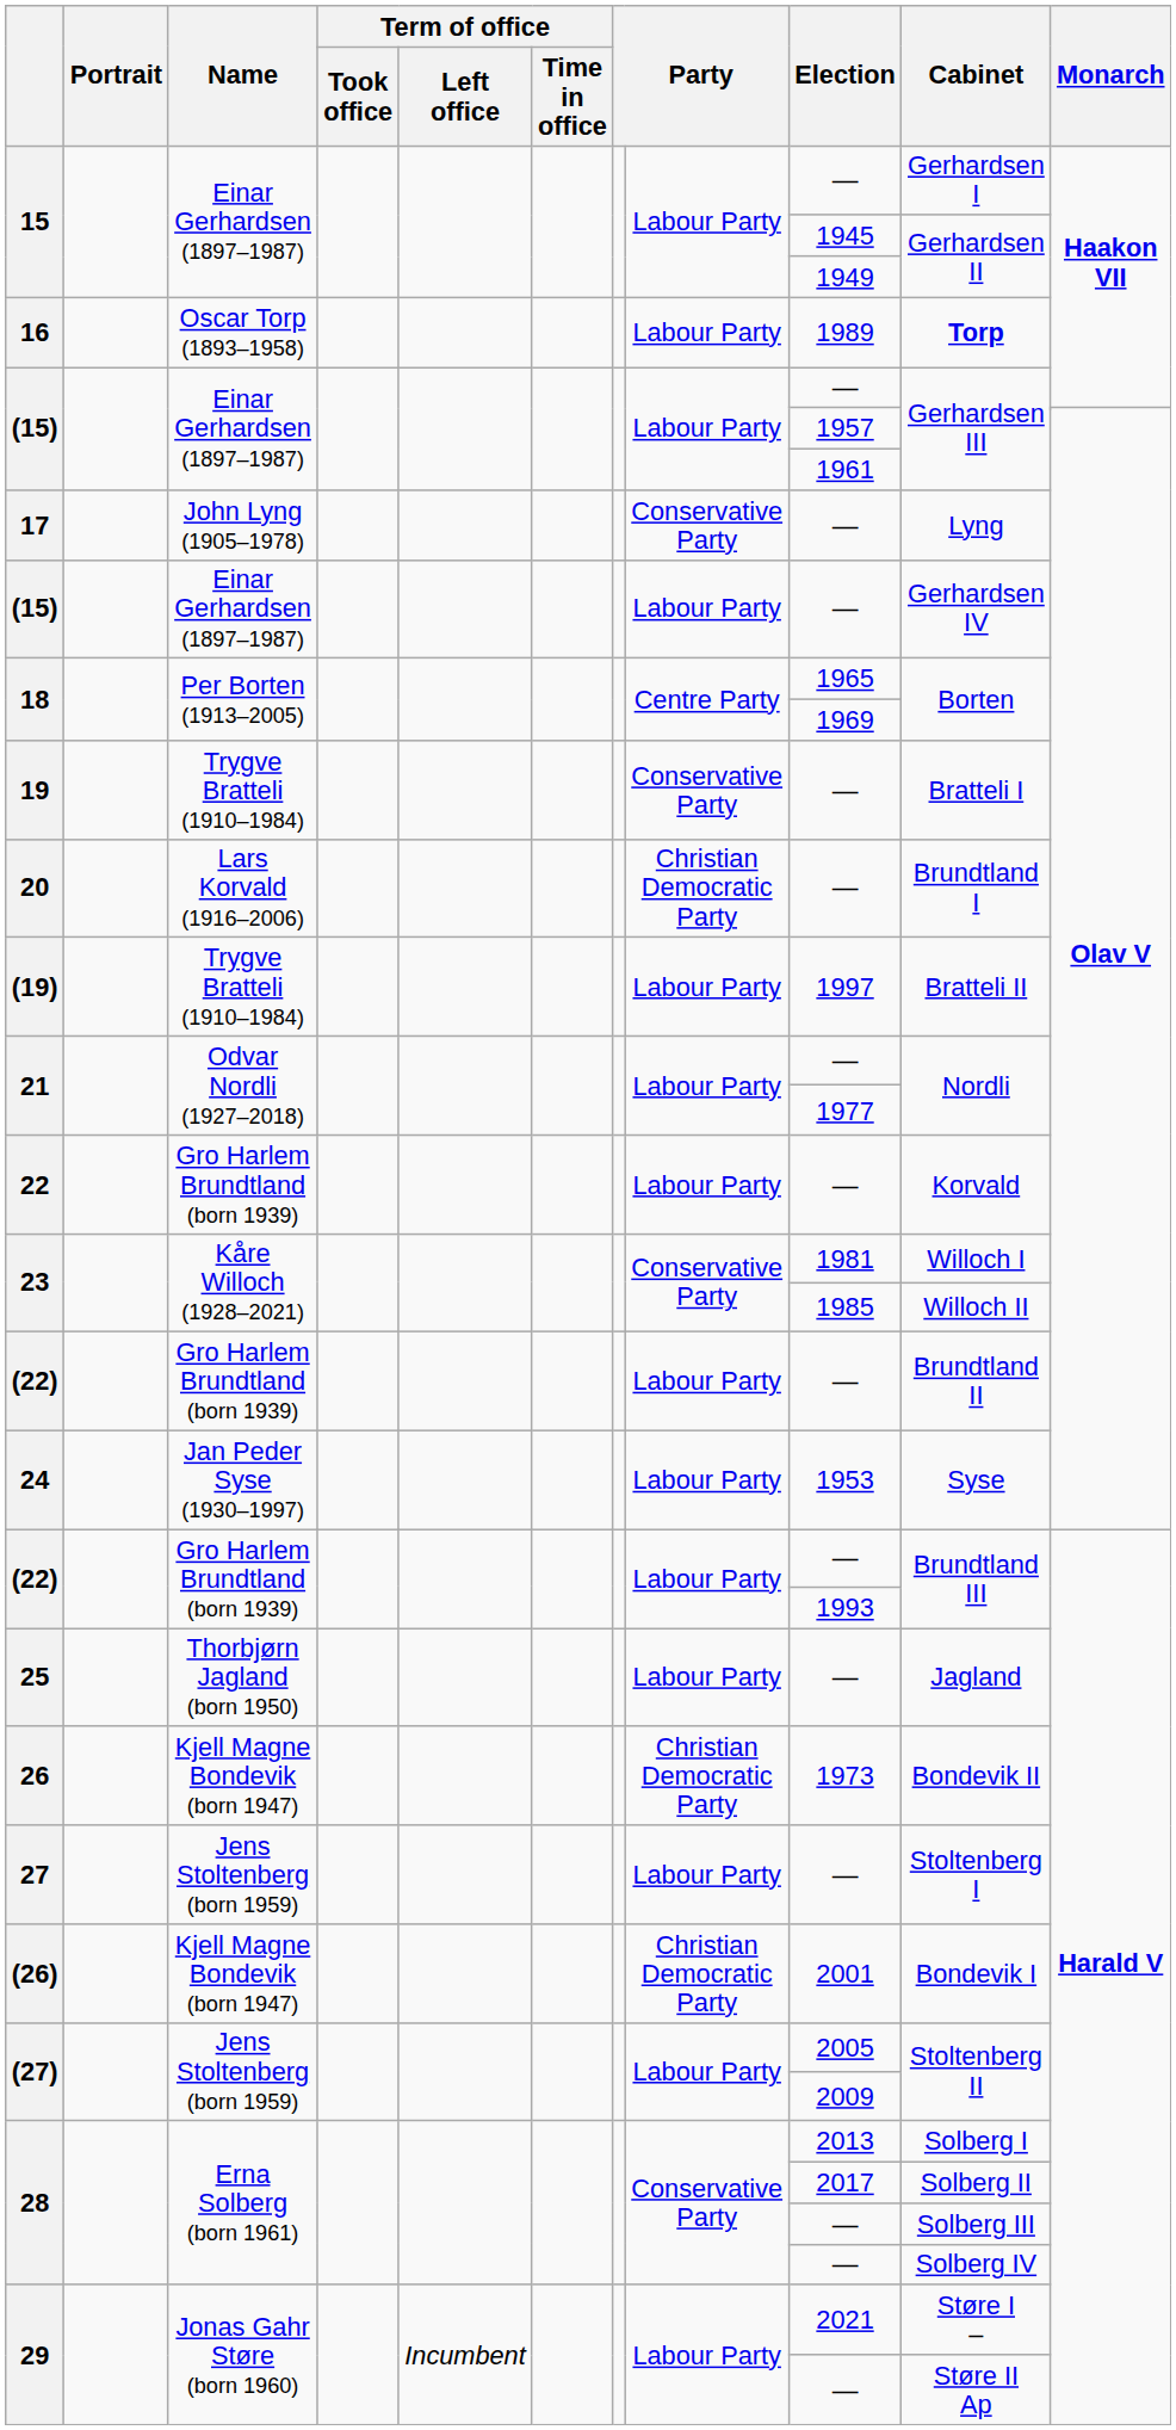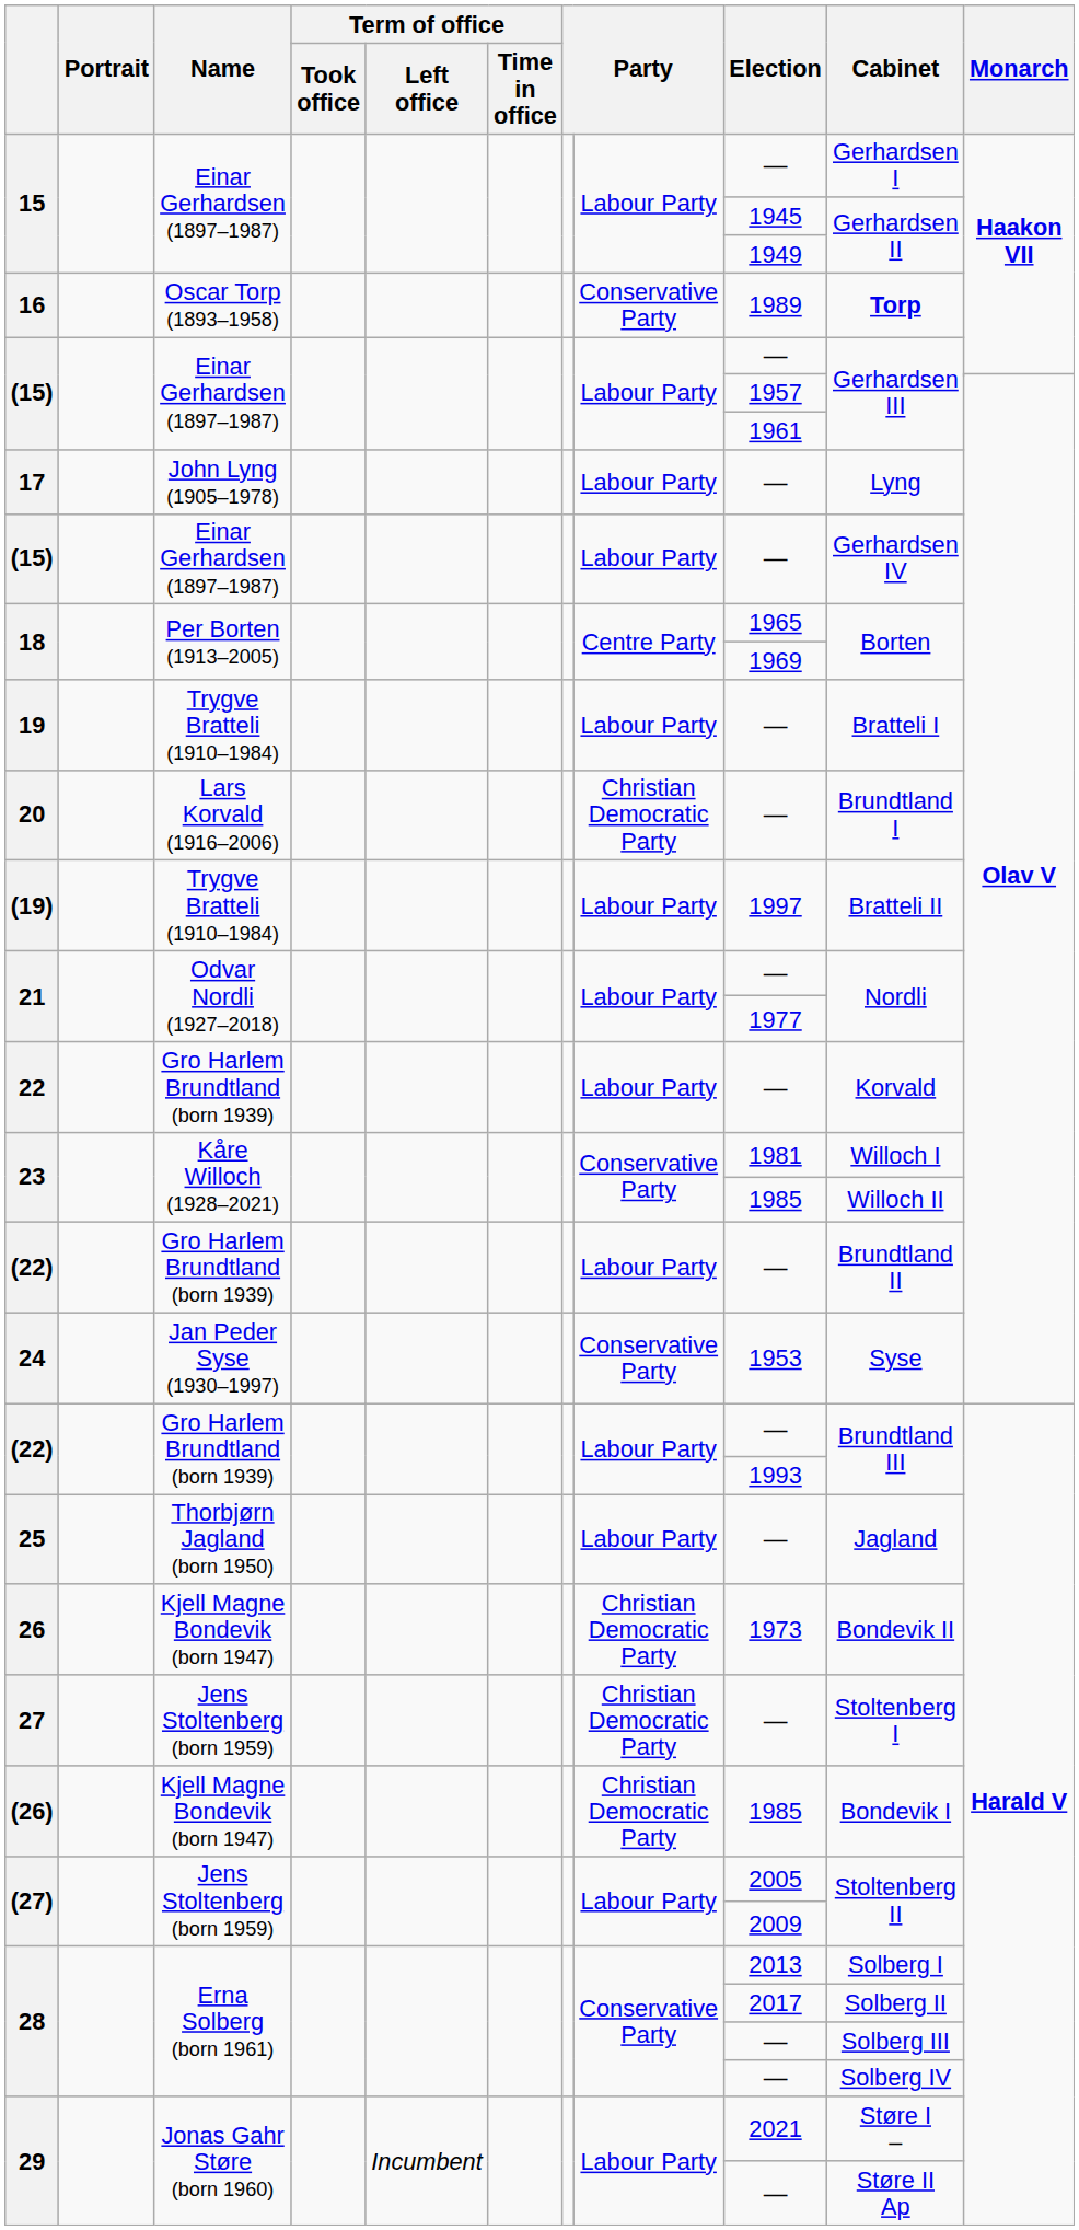 <table class="wikitable" style="text-align:center; font-size:90%;">
 <tr>
 <th rowspan=2></th>
 <th rowspan=2>Portrait</th>
 <th rowspan=2>Name<br></th>
 <th colspan=3>Term of office</th>
 <th colspan=2 rowspan=2>Party</th>
 <th rowspan=2>Election</th>
 <th rowspan=2>Cabinet<br></th>
 <th rowspan=2><a href='#'>Monarch</a><br></th>
 </tr>
 <tr>
 <th>Took office</th>
 <th>Left office</th>
 <th>Time in office</th>
 </tr>
 <tr>
 <th rowspan=3>15</th>
 <td rowspan=3></td>
 <td rowspan=3><a href='#'>Einar Gerhardsen</a><br><small>(1897–1987)</small></td>
 <td rowspan=3></td>
 <td rowspan=3></td>
 <td rowspan=3></td>
 <td rowspan=3 style="background:"></td>
 <td rowspan=3><a href='#'>Labour Party</a></td>
 <td>—</td>
 <td><a href='#'>Gerhardsen I</a><br></td>
 <td rowspan=6><strong><a href='#'>Haakon VII</a></strong><br><br></td>
 </tr>
 <tr>
 <td><a href='#'>1945</a></td>
 <td rowspan=2><a href='#'>Gerhardsen II</a><br></td>
 </tr>
 <tr>
 <td><a href='#'>1949</a></td>
 </tr>
 <tr>
 <th>16</th>
 <td></td>
 <td><a href='#'>Oscar Torp</a><br><small>(1893–1958)</small></td>
 <td></td>
 <td></td>
 <td></td>
 <td style="background:"></td>
-<td><a href='#'>Labour Party</a></td>
+<td><a href='#'>Conservative Party</a></td>
 <td><a href='#'>1989</a></td>
 <td><strong><a href='#'>Torp</a><br></strong></td>
 </tr>
 <tr>
 <th rowspan=4>(15)</th>
 <td rowspan=4></td>
 <td rowspan=4><a href='#'>Einar Gerhardsen</a><br><small>(1897–1987)</small></td>
 <td rowspan=4></td>
 <td rowspan=4></td>
 <td rowspan=4></td>
 <td rowspan=4 style="background:"></td>
 <td rowspan=4><a href='#'>Labour Party</a></td>
 <td>—</td>
 <td rowspan=4><a href='#'>Gerhardsen III</a><br></td>
 </tr>
 <tr>
 <td rowspan=2><a href='#'>1957</a></td>
 </tr>
 <tr>
 <td rowspan=17><strong><a href='#'>Olav V</a></strong><br><br></td>
 </tr>
 <tr>
 <td><a href='#'>1961</a></td>
 </tr>
 <tr>
 <th>17</th>
 <td></td>
 <td><a href='#'>John Lyng</a><br><small>(1905–1978)</small></td>
 <td></td>
 <td></td>
 <td></td>
 <td style="background:"></td>
-<td><a href='#'>Conservative Party</a></td>
+<td><a href='#'>Labour Party</a></td>
 <td>—</td>
 <td><a href='#'>Lyng</a><br></td>
 </tr>
 <tr>
 <th>(15)</th>
 <td></td>
 <td><a href='#'>Einar Gerhardsen</a><br><small>(1897–1987)</small></td>
 <td></td>
 <td></td>
 <td></td>
 <td style="background:"></td>
 <td><a href='#'>Labour Party</a></td>
 <td>—</td>
 <td><a href='#'>Gerhardsen IV</a><br></td>
 </tr>
 <tr>
 <th rowspan=2>18</th>
 <td rowspan=2></td>
 <td rowspan=2><a href='#'>Per Borten</a><br><small>(1913–2005)</small></td>
 <td rowspan=2></td>
 <td rowspan=2></td>
 <td rowspan=2></td>
 <td rowspan=2 style="background:"></td>
 <td rowspan=2><a href='#'>Centre Party</a></td>
 <td><a href='#'>1965</a></td>
 <td rowspan=2><a href='#'>Borten</a><br></td>
 </tr>
 <tr>
 <td><a href='#'>1969</a></td>
 </tr>
 <tr>
 <th>19</th>
 <td></td>
 <td><a href='#'>Trygve Bratteli</a><br><small>(1910–1984)</small></td>
 <td></td>
 <td></td>
 <td></td>
 <td style="background:"></td>
-<td><a href='#'>Conservative Party</a></td>
+<td><a href='#'>Labour Party</a></td>
 <td>—</td>
 <td><a href='#'>Bratteli I</a><br></td>
 </tr>
 <tr>
 <th>20</th>
 <td></td>
 <td><a href='#'>Lars Korvald</a><br><small>(1916–2006)</small></td>
 <td></td>
 <td></td>
 <td></td>
 <td style="background:"></td>
 <td><a href='#'>Christian Democratic Party</a></td>
 <td>—</td>
 <td><a href='#'>Brundtland I</a><br></td>
 </tr>
 <tr>
 <th>(19)</th>
 <td></td>
 <td><a href='#'>Trygve Bratteli</a><br><small>(1910–1984)</small></td>
 <td></td>
 <td></td>
 <td></td>
 <td style="background:"></td>
 <td><a href='#'>Labour Party</a></td>
 <td><a href='#'>1997</a></td>
 <td><a href='#'>Bratteli II</a><br></td>
 </tr>
 <tr>
 <th rowspan=2>21</th>
 <td rowspan=2></td>
 <td rowspan=2><a href='#'>Odvar Nordli</a><br><small>(1927–2018)</small></td>
 <td rowspan=2></td>
 <td rowspan=2></td>
 <td rowspan=2></td>
 <td rowspan=2 style="background:"></td>
 <td rowspan=2><a href='#'>Labour Party</a></td>
 <td>—</td>
 <td rowspan=2><a href='#'>Nordli</a><br></td>
 </tr>
 <tr>
 <td><a href='#'>1977</a></td>
 </tr>
 <tr>
 <th>22</th>
 <td></td>
 <td><a href='#'>Gro Harlem Brundtland</a><br><small>(born 1939)</small></td>
 <td></td>
 <td></td>
 <td></td>
 <td style="background:"></td>
 <td><a href='#'>Labour Party</a></td>
 <td>—</td>
 <td><a href='#'>Korvald</a><br></td>
 </tr>
 <tr>
 <th rowspan=2>23</th>
 <td rowspan=2></td>
 <td rowspan=2><a href='#'>Kåre Willoch</a><br><small>(1928–2021)</small></td>
 <td rowspan=2></td>
 <td rowspan=2></td>
 <td rowspan=2></td>
 <td rowspan=2 style="background:"></td>
 <td rowspan=2><a href='#'>Conservative Party</a></td>
 <td><a href='#'>1981</a></td>
 <td><a href='#'>Willoch I</a><br></td>
 </tr>
 <tr>
 <td><a href='#'>1985</a></td>
 <td><a href='#'>Willoch II</a><br></td>
 </tr>
 <tr>
 <th>(22)</th>
 <td></td>
 <td><a href='#'>Gro Harlem Brundtland</a><br><small>(born 1939)</small></td>
 <td></td>
 <td></td>
 <td></td>
 <td style="background:"></td>
 <td><a href='#'>Labour Party</a></td>
 <td>—</td>
 <td><a href='#'>Brundtland II</a><br></td>
 </tr>
 <tr>
 <th>24</th>
 <td></td>
 <td><a href='#'>Jan Peder Syse</a><br><small>(1930–1997)</small></td>
 <td></td>
 <td></td>
 <td></td>
 <td style="background:"></td>
-<td><a href='#'>Labour Party</a></td>
+<td><a href='#'>Conservative Party</a></td>
 <td><a href='#'>1953</a></td>
 <td><a href='#'>Syse</a><br></td>
 </tr>
 <tr>
 <th rowspan=3>(22)</th>
 <td rowspan=3></td>
 <td rowspan=3><a href='#'>Gro Harlem Brundtland</a><br><small>(born 1939)</small></td>
 <td rowspan=3></td>
 <td rowspan=3></td>
 <td rowspan=3></td>
 <td rowspan=3 style="background:"></td>
 <td rowspan=3><a href='#'>Labour Party</a></td>
 <td rowspan=2>—</td>
 <td rowspan=3><a href='#'>Brundtland III</a><br></td>
 </tr>
 <tr>
 <td rowspan="14"><strong><a href='#'>Harald V</a></strong><br><br></td>
 </tr>
 <tr>
 <td><a href='#'>1993</a></td>
 </tr>
 <tr>
 <th>25</th>
 <td></td>
 <td><a href='#'>Thorbjørn Jagland</a><br><small>(born 1950)</small></td>
 <td></td>
 <td></td>
 <td></td>
 <td style="background:"></td>
 <td><a href='#'>Labour Party</a></td>
 <td>—</td>
 <td><a href='#'>Jagland</a><br></td>
 </tr>
 <tr>
 <th>26</th>
 <td></td>
 <td><a href='#'>Kjell Magne Bondevik</a><br><small>(born 1947)</small></td>
 <td></td>
 <td></td>
 <td></td>
 <td style="background:"></td>
 <td><a href='#'>Christian Democratic Party</a></td>
 <td><a href='#'>1973</a></td>
 <td><a href='#'>Bondevik II</a><br></td>
 </tr>
 <tr>
 <th>27</th>
 <td></td>
 <td><a href='#'>Jens Stoltenberg</a><br><small>(born 1959)</small></td>
 <td></td>
 <td></td>
 <td></td>
 <td style="background:"></td>
-<td><a href='#'>Labour Party</a></td>
+<td><a href='#'>Christian Democratic Party</a></td>
 <td>—</td>
 <td><a href='#'>Stoltenberg I</a><br></td>
 </tr>
 <tr>
 <th>(26)</th>
 <td></td>
 <td><a href='#'>Kjell Magne Bondevik</a><br><small>(born 1947)</small></td>
 <td></td>
 <td></td>
 <td></td>
 <td style="background:"></td>
 <td><a href='#'>Christian Democratic Party</a></td>
-<td><a href='#'>2001</a></td>
+<td><a href='#'>1985</a></td>
 <td><a href='#'>Bondevik I</a><br></td>
 </tr>
 <tr>
 <th rowspan=2>(27)</th>
 <td rowspan=2></td>
 <td rowspan=2><a href='#'>Jens Stoltenberg</a><br><small>(born 1959)</small></td>
 <td rowspan=2></td>
 <td rowspan=2></td>
 <td rowspan=2></td>
 <td rowspan=2 style="background:"></td>
 <td rowspan=2><a href='#'>Labour Party</a></td>
 <td><a href='#'>2005</a></td>
 <td rowspan=2><a href='#'>Stoltenberg II</a><br></td>
 </tr>
 <tr>
 <td><a href='#'>2009</a></td>
 </tr>
 <tr>
 <th rowspan=4>28</th>
 <td rowspan=4></td>
 <td rowspan=4><a href='#'>Erna Solberg</a><br><small>(born 1961)</small></td>
 <td rowspan=4></td>
 <td rowspan=4></td>
 <td rowspan=4></td>
 <td rowspan=4 style="background:"></td>
 <td rowspan=4><a href='#'>Conservative Party</a></td>
 <td><a href='#'>2013</a></td>
 <td><a href='#'>Solberg I</a><br></td>
 </tr>
 <tr>
 <td><a href='#'>2017</a></td>
 <td><a href='#'>Solberg II</a><br></td>
 </tr>
 <tr>
 <td>—</td>
 <td><a href='#'>Solberg III</a><br></td>
 </tr>
 <tr>
 <td>—</td>
 <td><a href='#'>Solberg IV</a><br></td>
 </tr>
 <tr>
 <th rowspan="2">29</th>
 <td rowspan="2"></td>
 <td rowspan="2"><a href='#'>Jonas Gahr Støre</a><br><small>(born 1960)</small></td>
 <td rowspan="2"></td>
 <td rowspan="2"><em>Incumbent</em></td>
 <td rowspan="2"></td>
 <td rowspan="2" style="background:"></td>
 <td rowspan="2"><a href='#'>Labour Party</a></td>
 <td><a href='#'>2021</a></td>
 <td><a href='#'>Støre I</a><br>–</td>
 </tr>
 <tr>
 <td>—</td>
 <td><a href='#'>Støre II</a><br><a href='#'>Ap</a></td>
 </tr>
 </table>
